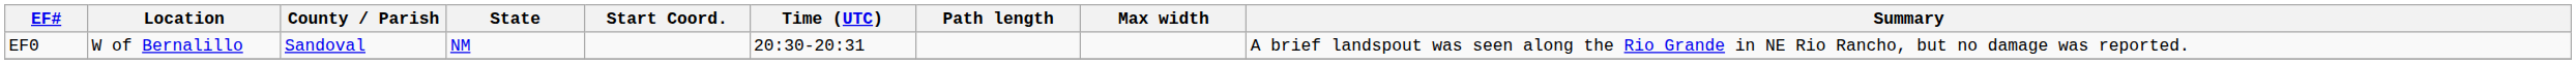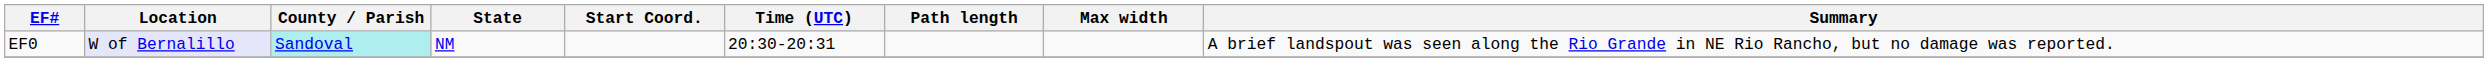 <table class="wikitable sortable" style="width:100%;">
 <tr>
 <th scope="col"  style="width:3%; text-align:center;"><a href='#'>EF#</a></th>
 <th scope="col"  style="width:7%; text-align:center;" class="unsortable">Location</th>
 <th scope="col"  style="width:6%; text-align:center;" class="unsortable">County / Parish</th>
 <th scope="col"  style="width:5%; text-align:center;">State</th>
 <th scope="col"  style="width:6%; text-align:center;">Start Coord.</th>
 <th scope="col"  style="width:6%; text-align:center;">Time (<a href='#'>UTC</a>)</th>
 <th scope="col"  style="width:6%; text-align:center;">Path length</th>
 <th scope="col"  style="width:6%; text-align:center;">Max width</th>
 <th scope="col" class="unsortable" style="width:48%; text-align:center;">Summary</th>
 </tr>
 <tr>
 <td>EF0</td>
-<td>W of <a href='#'>Bernalillo</a></td>
-<td><a href='#'>Sandoval</a></td>
+<td style="background: lavender;">W of <a href='#'>Bernalillo</a></td>
+<td style="background: paleturquoise;"><a href='#'>Sandoval</a></td>
 <td><a href='#'>NM</a></td>
 <td></td>
 <td>20:30-20:31</td>
 <td></td>
 <td></td>
 <td>A brief landspout was seen along the <a href='#'>Rio Grande</a> in NE Rio Rancho, but no damage was reported.</td>
 </tr>
 <tr>
 </tr>
 </table>
